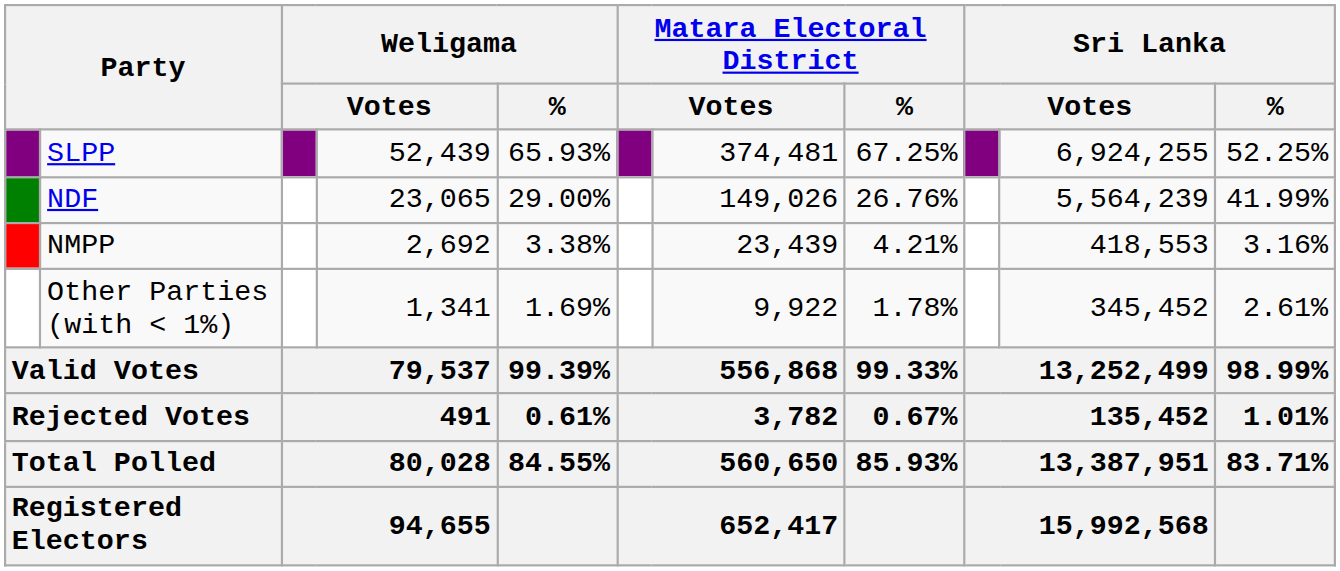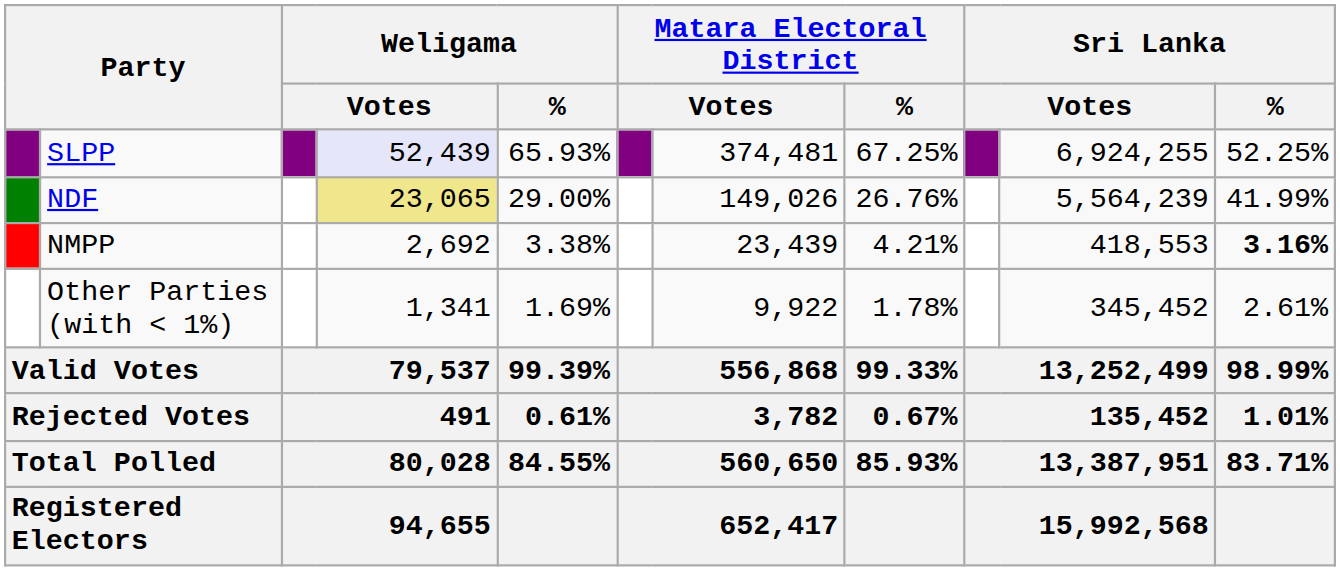 <table class="wikitable">
 <tr>
 <th colspan="2" width="144px"rowspan="2">Party</th>
 <th colspan="3" width="216px">Weligama</th>
 <th colspan="3" width="216px"><a href='#'>Matara Electoral District</a></th>
 <th colspan="3" width="216px">Sri Lanka</th>
 </tr>
 <tr>
 <th colspan="2" width="144px">Votes</th>
 <th>%</th>
 <th colspan="2" width="144px">Votes</th>
 <th>%</th>
 <th colspan="2" width="144px">Votes</th>
 <th>%</th>
 </tr>
 <tr>
 <td style="background-color:purple;" width="10px"></td>
 <td style="text-align:left;"><a href='#'>SLPP</a></td>
 <td style="background-color:purple;" width="10px"></td>
-<td style="text-align:right;">52,439</td>
+<td style="background: lavender; text-align:right;">52,439</td>
 <td style="text-align:right;">65.93%</td>
 <td style="background-color:purple;" width="10px"></td>
 <td style="text-align:right;">374,481</td>
 <td style="text-align:right;">67.25%</td>
 <td style="background-color:purple;" width="10px"></td>
 <td style="text-align:right;">6,924,255</td>
 <td style="text-align:right;">52.25%</td>
 </tr>
 <tr>
 <td style="background-color:green;" width="10px"></td>
 <td style="text-align:left;"><a href='#'>NDF</a></td>
 <td style="background-color:white;" width="10px"></td>
-<td style="text-align:right;">23,065</td>
+<td style="background: khaki; text-align:right;">23,065</td>
 <td style="text-align:right;">29.00%</td>
 <td style="background-color:white;" width="10px"></td>
 <td style="text-align:right;">149,026</td>
 <td style="text-align:right;">26.76%</td>
 <td style="background-color:white;" width="10px"></td>
 <td style="text-align:right;">5,564,239</td>
 <td style="text-align:right;">41.99%</td>
 </tr>
 <tr>
 <td style="background-color:red;" width="10px"></td>
 <td style="text-align:left;">NMPP</td>
 <td style="background-color:white;" width="10px"></td>
 <td style="text-align:right;">2,692</td>
 <td style="text-align:right;">3.38%</td>
 <td style="background-color:white;" width="10px"></td>
 <td style="text-align:right;">23,439</td>
 <td style="text-align:right;">4.21%</td>
 <td style="background-color:white;" width="10px"></td>
 <td style="text-align:right;">418,553</td>
-<td style="text-align:right;">3.16%</td>
+<td style="text-align:right;"><strong>3.16%</strong></td>
 </tr>
 <tr>
 <td style="background-color:white;" width="10px"></td>
 <td style="text-align:left;">Other Parties (with < 1%)</td>
 <td style="background-color:white;" width="10px"></td>
 <td style="text-align:right;">1,341</td>
 <td style="text-align:right;">1.69%</td>
 <td style="background-color:white;" width="10px"></td>
 <td style="text-align:right;">9,922</td>
 <td style="text-align:right;">1.78%</td>
 <td style="background-color:white;" width="10px"></td>
 <td style="text-align:right;">345,452</td>
 <td style="text-align:right;">2.61%</td>
 </tr>
 <tr>
 <th colspan="2" width="144px"style="text-align:left;">Valid Votes</th>
 <th style="text-align:right;"colspan="2" width="144px">79,537</th>
 <th style="text-align:right;">99.39%</th>
 <th style="text-align:right;"colspan="2" width="144px">556,868</th>
 <th style="text-align:right;">99.33%</th>
 <th style="text-align:right;"colspan="2" width="144px">13,252,499</th>
 <th style="text-align:right;">98.99%</th>
 </tr>
 <tr>
 <th colspan="2" width="144px"style="text-align:left;">Rejected Votes</th>
 <th style="text-align:right;"colspan="2" width="144px">491</th>
 <th style="text-align:right;">0.61%</th>
 <th style="text-align:right;"colspan="2" width="144px">3,782</th>
 <th style="text-align:right;">0.67%</th>
 <th style="text-align:right;"colspan="2" width="144px">135,452</th>
 <th style="text-align:right;">1.01%</th>
 </tr>
 <tr>
 <th colspan="2" width="144px"style="text-align:left;">Total Polled</th>
 <th style="text-align:right;"colspan="2" width="144px">80,028</th>
 <th style="text-align:right;">84.55%</th>
 <th style="text-align:right;"colspan="2" width="144px">560,650</th>
 <th style="text-align:right;">85.93%</th>
 <th style="text-align:right;"colspan="2" width="144px">13,387,951</th>
 <th style="text-align:right;">83.71%</th>
 </tr>
 <tr>
 <th colspan="2" width="144px"style="text-align:left;">Registered Electors</th>
 <th style="text-align:right;"colspan="2" width="144px">94,655</th>
 <th></th>
 <th style="text-align:right;"colspan="2" width="144px">652,417</th>
 <th></th>
 <th style="text-align:right;"colspan="2" width="144px">15,992,568</th>
 <th></th>
 </tr>
 </table>
